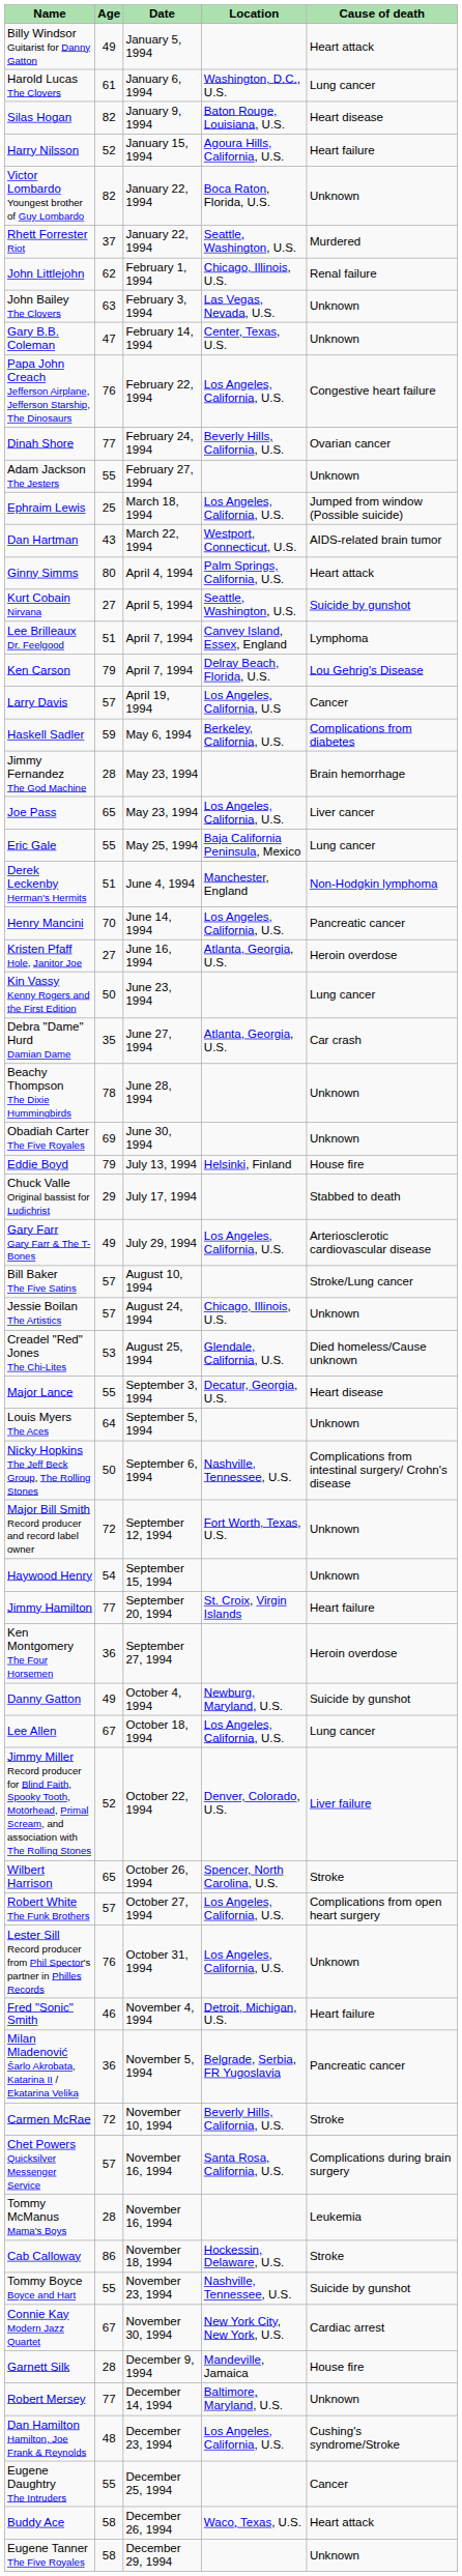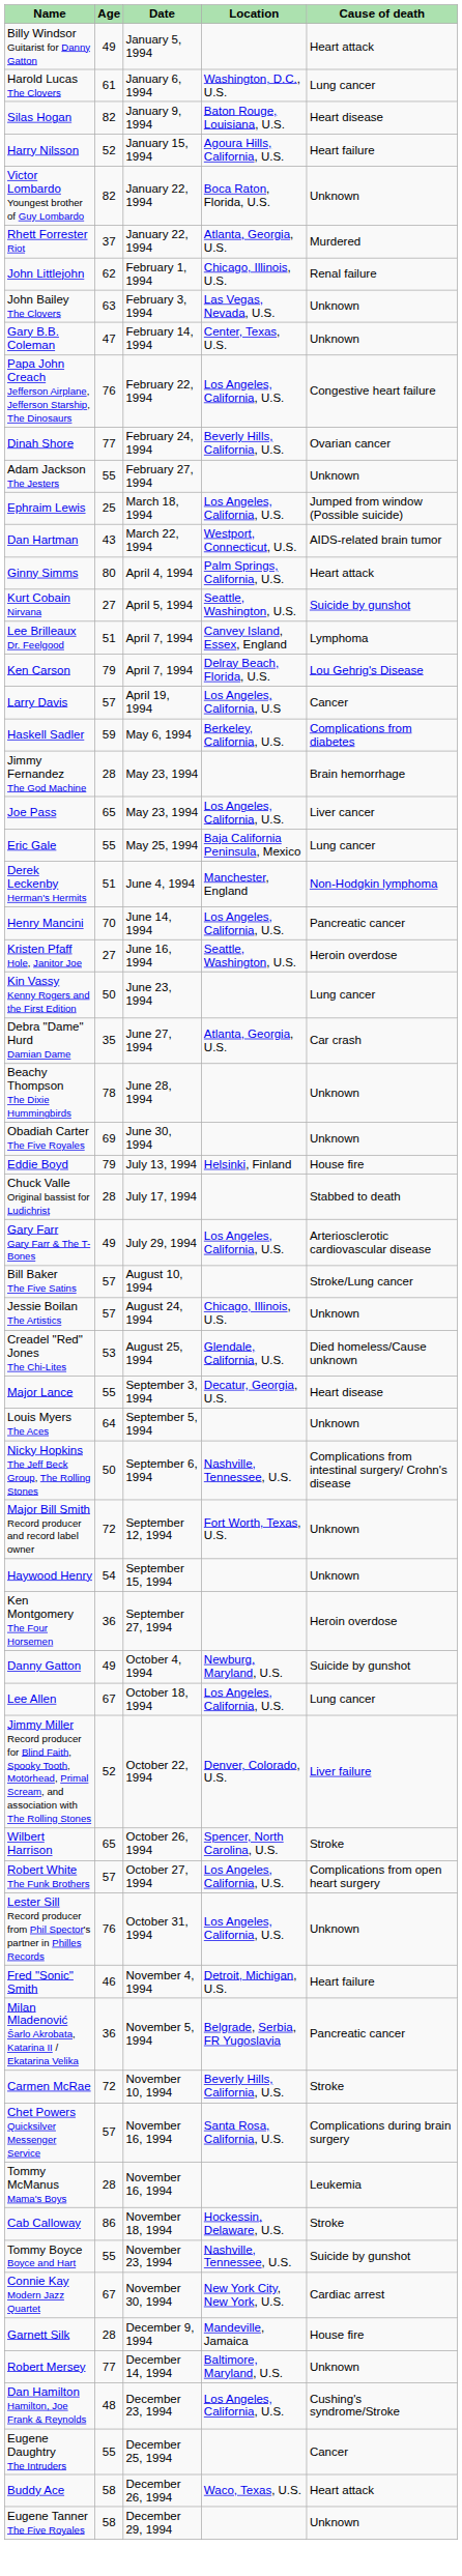 <table class="wikitable sortable">
 <tr>
 <th style="background:#ace1af; color:black; width:150px;">Name</th>
 <th style="background:#ace1af; color:black; width:25px;">Age</th>
 <th style="background:#ace1af; color:black; width:125px;">Date</th>
 <th style="background:#ace1af; color:black; width:200px;">Location</th>
 <th style="background:#ace1af; color:black; width:300px;">Cause of death</th>
 </tr>
 <tr>
 <td>Billy Windsor <br><small>Guitarist for <a href='#'>Danny Gatton</a></small></td>
 <td style="text-align:center;">49</td>
 <td>January 5, 1994</td>
 <td></td>
 <td>Heart attack</td>
 </tr>
 <tr>
 <td>Harold Lucas <br><small><a href='#'>The Clovers</a></small></td>
 <td style="text-align:center;">61</td>
 <td>January 6, 1994</td>
 <td><a href='#'>Washington, D.C.</a>, U.S.</td>
 <td>Lung cancer</td>
 </tr>
 <tr>
 <td><a href='#'>Silas Hogan</a></td>
 <td style="text-align:center;">82</td>
 <td>January 9, 1994</td>
 <td><a href='#'>Baton Rouge, Louisiana</a>, U.S.</td>
 <td>Heart disease</td>
 </tr>
 <tr>
 <td><a href='#'>Harry Nilsson</a></td>
 <td style="text-align:center;">52</td>
 <td>January 15, 1994</td>
 <td><a href='#'>Agoura Hills, California</a>, U.S.</td>
 <td>Heart failure</td>
 </tr>
 <tr>
 <td><a href='#'>Victor Lombardo</a> <br><small>Youngest brother of <a href='#'>Guy Lombardo</a></small></td>
 <td style="text-align:center;">82</td>
 <td>January 22, 1994</td>
 <td><a href='#'>Boca Raton</a>, Florida, U.S.</td>
 <td>Unknown</td>
 </tr>
 <tr>
 <td><a href='#'>Rhett Forrester</a> <br><small><a href='#'>Riot</a></small></td>
 <td style="text-align:center;">37</td>
 <td>January 22, 1994</td>
-<td><a href='#'>Seattle, Washington</a>, U.S.</td>
+<td><a href='#'>Atlanta, Georgia</a>, U.S.</td>
 <td>Murdered</td>
 </tr>
 <tr>
 <td><a href='#'>John Littlejohn</a></td>
 <td style="text-align:center;">62</td>
 <td>February 1, 1994</td>
 <td><a href='#'>Chicago, Illinois</a>, U.S.</td>
 <td>Renal failure</td>
 </tr>
 <tr>
 <td>John Bailey <br><small><a href='#'>The Clovers</a></small></td>
 <td style="text-align:center;">63</td>
 <td>February 3, 1994</td>
 <td><a href='#'>Las Vegas, Nevada</a>, U.S.</td>
 <td>Unknown</td>
 </tr>
 <tr>
 <td><a href='#'>Gary B.B. Coleman</a></td>
 <td style="text-align:center;">47</td>
 <td>February 14, 1994</td>
 <td><a href='#'>Center, Texas</a>, U.S.</td>
 <td>Unknown</td>
 </tr>
 <tr>
 <td><a href='#'>Papa John Creach</a><br><small><a href='#'>Jefferson Airplane</a>, <a href='#'>Jefferson Starship</a>, <a href='#'>The Dinosaurs</a></small></td>
 <td style="text-align:center;">76</td>
 <td>February 22, 1994</td>
 <td><a href='#'>Los Angeles, California</a>, U.S.</td>
 <td>Congestive heart failure</td>
 </tr>
 <tr>
 <td><a href='#'>Dinah Shore</a></td>
 <td style="text-align:center;">77</td>
 <td>February 24, 1994</td>
 <td><a href='#'>Beverly Hills, California</a>, U.S.</td>
 <td>Ovarian cancer</td>
 </tr>
 <tr>
 <td>Adam Jackson <br><small><a href='#'>The Jesters</a></small></td>
 <td style="text-align:center;">55</td>
 <td>February 27, 1994</td>
 <td></td>
 <td>Unknown</td>
 </tr>
 <tr>
 <td><a href='#'>Ephraim Lewis</a></td>
 <td style="text-align:center;">25</td>
 <td>March 18, 1994</td>
 <td><a href='#'>Los Angeles, California</a>, U.S.</td>
 <td>Jumped from window (Possible suicide)</td>
 </tr>
 <tr>
 <td><a href='#'>Dan Hartman</a></td>
 <td style="text-align:center;">43</td>
 <td>March 22, 1994</td>
 <td><a href='#'>Westport, Connecticut</a>, U.S.</td>
 <td>AIDS-related brain tumor</td>
 </tr>
 <tr>
 <td><a href='#'>Ginny Simms</a></td>
 <td style="text-align:center;">80</td>
 <td>April 4, 1994</td>
 <td><a href='#'>Palm Springs, California</a>, U.S.</td>
 <td>Heart attack</td>
 </tr>
 <tr>
 <td><a href='#'>Kurt Cobain</a> <br><small><a href='#'>Nirvana</a></small></td>
 <td style="text-align:center;">27</td>
 <td>April 5, 1994</td>
 <td><a href='#'>Seattle, Washington</a>, U.S.</td>
 <td><a href='#'>Suicide by gunshot</a></td>
 </tr>
 <tr>
 <td><a href='#'>Lee Brilleaux</a> <br><small><a href='#'>Dr. Feelgood</a></small></td>
 <td style="text-align:center;">51</td>
 <td>April 7, 1994</td>
 <td><a href='#'>Canvey Island</a>, <a href='#'>Essex</a>, England</td>
 <td>Lymphoma</td>
 </tr>
 <tr>
 <td><a href='#'>Ken Carson</a></td>
 <td style="text-align:center;">79</td>
 <td>April 7, 1994</td>
 <td><a href='#'>Delray Beach, Florida</a>, U.S.</td>
 <td><a href='#'>Lou Gehrig's Disease</a></td>
 </tr>
 <tr>
 <td><a href='#'>Larry Davis</a></td>
 <td style="text-align:center;">57</td>
 <td>April 19, 1994</td>
 <td><a href='#'>Los Angeles, California</a>, U.S</td>
 <td>Cancer</td>
 </tr>
 <tr>
 <td><a href='#'>Haskell Sadler</a></td>
 <td style="text-align:center;">59</td>
 <td>May 6, 1994</td>
 <td><a href='#'>Berkeley, California</a>, U.S.</td>
 <td><a href='#'>Complications from diabetes</a></td>
 </tr>
 <tr>
 <td>Jimmy Fernandez <br><small><a href='#'>The God Machine</a></small></td>
 <td style="text-align:center;">28</td>
 <td>May 23, 1994</td>
 <td></td>
 <td>Brain hemorrhage</td>
 </tr>
 <tr>
 <td><a href='#'>Joe Pass</a></td>
 <td style="text-align:center;">65</td>
 <td>May 23, 1994</td>
 <td><a href='#'>Los Angeles, California</a>, U.S.</td>
 <td>Liver cancer</td>
 </tr>
 <tr>
 <td><a href='#'>Eric Gale</a></td>
 <td style="text-align:center;">55</td>
 <td>May 25, 1994</td>
 <td><a href='#'>Baja California Peninsula</a>, Mexico</td>
 <td>Lung cancer</td>
 </tr>
 <tr>
 <td><a href='#'>Derek Leckenby</a> <br><small><a href='#'>Herman's Hermits</a></small></td>
 <td style="text-align:center;">51</td>
 <td>June 4, 1994</td>
 <td><a href='#'>Manchester</a>, England</td>
 <td><a href='#'>Non-Hodgkin lymphoma</a></td>
 </tr>
 <tr>
 <td><a href='#'>Henry Mancini</a></td>
 <td style="text-align:center;">70</td>
 <td>June 14, 1994</td>
 <td><a href='#'>Los Angeles, California</a>, U.S.</td>
 <td>Pancreatic cancer</td>
 </tr>
 <tr>
 <td><a href='#'>Kristen Pfaff</a> <br><small><a href='#'>Hole</a>, <a href='#'>Janitor Joe</a></small></td>
 <td style="text-align:center;">27</td>
 <td>June 16, 1994</td>
-<td><a href='#'>Atlanta, Georgia</a>, U.S.</td>
+<td><a href='#'>Seattle, Washington</a>, U.S.</td>
 <td>Heroin overdose</td>
 </tr>
 <tr>
 <td><a href='#'>Kin Vassy</a> <br><small><a href='#'>Kenny Rogers and the First Edition</a></small></td>
 <td style="text-align:center;">50</td>
 <td>June 23, 1994</td>
 <td></td>
 <td>Lung cancer</td>
 </tr>
 <tr>
 <td>Debra "Dame" Hurd <br><small><a href='#'>Damian Dame</a></small></td>
 <td style="text-align:center;">35</td>
 <td>June 27, 1994</td>
 <td><a href='#'>Atlanta, Georgia</a>, U.S.</td>
 <td>Car crash</td>
 </tr>
 <tr>
 <td>Beachy Thompson <br><small><a href='#'>The Dixie Hummingbirds</a></small></td>
 <td style="text-align:center;">78</td>
 <td>June 28, 1994</td>
 <td></td>
 <td>Unknown</td>
 </tr>
 <tr>
 <td>Obadiah Carter <br><small><a href='#'>The Five Royales</a></small></td>
 <td style="text-align:center;">69</td>
 <td>June 30, 1994</td>
 <td></td>
 <td>Unknown</td>
 </tr>
 <tr>
 <td><a href='#'>Eddie Boyd</a></td>
 <td style="text-align:center;">79</td>
 <td>July 13, 1994</td>
 <td><a href='#'>Helsinki</a>, Finland</td>
 <td>House fire</td>
 </tr>
 <tr>
 <td>Chuck Valle <br><small>Original bassist for <a href='#'>Ludichrist</a></small></td>
-<td style="text-align:center;">29</td>
+<td style="text-align:center;">28</td>
 <td>July 17, 1994</td>
 <td></td>
 <td>Stabbed to death</td>
 </tr>
 <tr>
 <td><a href='#'>Gary Farr</a> <br><small><a href='#'>Gary Farr & The T-Bones</a></small></td>
 <td style="text-align:center;">49</td>
 <td>July 29, 1994</td>
 <td><a href='#'>Los Angeles, California</a>, U.S.</td>
 <td>Arteriosclerotic cardiovascular disease</td>
 </tr>
 <tr>
 <td>Bill Baker <br><small><a href='#'>The Five Satins</a></small></td>
 <td style="text-align:center;">57</td>
 <td>August 10, 1994</td>
 <td></td>
 <td>Stroke/Lung cancer</td>
 </tr>
 <tr>
 <td>Jessie Boilan <br><small><a href='#'>The Artistics</a></small></td>
 <td style="text-align:center;">57</td>
 <td>August 24, 1994</td>
 <td><a href='#'>Chicago, Illinois</a>, U.S.</td>
 <td>Unknown</td>
 </tr>
 <tr>
 <td>Creadel "Red" Jones <br><small><a href='#'>The Chi-Lites</a></small></td>
 <td style="text-align:center;">53</td>
 <td>August 25, 1994</td>
 <td><a href='#'>Glendale, California</a>, U.S.</td>
 <td>Died homeless/Cause unknown</td>
 </tr>
 <tr>
 <td><a href='#'>Major Lance</a></td>
 <td style="text-align:center;">55</td>
 <td>September 3, 1994</td>
 <td><a href='#'>Decatur, Georgia</a>, U.S.</td>
 <td>Heart disease</td>
 </tr>
 <tr>
 <td>Louis Myers <br><small><a href='#'>The Aces</a></small></td>
 <td style="text-align:center;">64</td>
 <td>September 5, 1994</td>
 <td></td>
 <td>Unknown</td>
 </tr>
 <tr>
 <td><a href='#'>Nicky Hopkins</a> <br><small><a href='#'>The Jeff Beck Group</a>, <a href='#'>The Rolling Stones</a></small></td>
 <td style="text-align:center;">50</td>
 <td>September 6, 1994</td>
 <td><a href='#'>Nashville, Tennessee</a>, U.S.</td>
 <td>Complications from intestinal surgery/ Crohn's disease</td>
 </tr>
 <tr>
 <td><a href='#'>Major Bill Smith</a> <br><small>Record producer and record label owner</small></td>
 <td style="text-align:center;">72</td>
 <td>September 12, 1994</td>
 <td><a href='#'>Fort Worth, Texas</a>, U.S.</td>
 <td>Unknown</td>
 </tr>
 <tr>
 <td><a href='#'>Haywood Henry</a></td>
 <td style="text-align:center;">54</td>
 <td>September 15, 1994</td>
 <td></td>
 <td>Unknown</td>
-</tr>
-<tr>
-<td><a href='#'>Jimmy Hamilton</a></td>
-<td style="text-align:center;">77</td>
-<td>September 20, 1994</td>
-<td><a href='#'>St. Croix</a>, <a href='#'>Virgin Islands</a></td>
-<td>Heart failure</td>
 </tr>
 <tr>
 <td>Ken Montgomery <br><small><a href='#'>The Four Horsemen</a></small></td>
 <td style="text-align:center;">36</td>
 <td>September 27, 1994</td>
 <td></td>
 <td>Heroin overdose</td>
 </tr>
 <tr>
 <td><a href='#'>Danny Gatton</a></td>
 <td style="text-align:center;">49</td>
 <td>October 4, 1994</td>
 <td><a href='#'>Newburg, Maryland</a>, U.S.</td>
 <td>Suicide by gunshot</td>
 </tr>
 <tr>
 <td><a href='#'>Lee Allen</a></td>
 <td style="text-align:center;">67</td>
 <td>October 18, 1994</td>
 <td><a href='#'>Los Angeles, California</a>, U.S.</td>
 <td>Lung cancer</td>
 </tr>
 <tr>
 <td><a href='#'>Jimmy Miller</a> <br><small>Record producer for <a href='#'>Blind Faith</a>, <a href='#'>Spooky Tooth</a>, <a href='#'>Motörhead</a>, <a href='#'>Primal Scream</a>, and association with <a href='#'>The Rolling Stones</a></small></td>
 <td style="text-align:center;">52</td>
 <td>October 22, 1994</td>
 <td><a href='#'>Denver, Colorado</a>, U.S.</td>
 <td><a href='#'>Liver failure</a></td>
 </tr>
 <tr>
 <td><a href='#'>Wilbert Harrison</a></td>
 <td style="text-align:center;">65</td>
 <td>October 26, 1994</td>
 <td><a href='#'>Spencer, North Carolina</a>, U.S.</td>
 <td>Stroke</td>
 </tr>
 <tr>
 <td><a href='#'>Robert White</a> <br><small><a href='#'>The Funk Brothers</a></small></td>
 <td style="text-align:center;">57</td>
 <td>October 27, 1994</td>
 <td><a href='#'>Los Angeles, California</a>, U.S.</td>
 <td>Complications from open heart surgery</td>
 </tr>
 <tr>
 <td><a href='#'>Lester Sill</a><br><small>Record producer from <a href='#'>Phil Spector</a>'s partner in <a href='#'>Philles Records</a></small></td>
 <td style="text-align:center;">76</td>
 <td>October 31, 1994</td>
 <td><a href='#'>Los Angeles, California</a>, U.S.</td>
 <td>Unknown</td>
 </tr>
 <tr>
 <td><a href='#'>Fred "Sonic" Smith</a> <br></td>
 <td style="text-align:center;">46</td>
 <td>November 4, 1994</td>
 <td><a href='#'>Detroit, Michigan</a>, U.S.</td>
 <td>Heart failure</td>
 </tr>
 <tr>
 <td><a href='#'>Milan Mladenović</a> <br><small><a href='#'>Šarlo Akrobata</a>, <a href='#'>Katarina II</a> / <a href='#'>Ekatarina Velika</a></small></td>
 <td style="text-align:center;">36</td>
 <td>November 5, 1994</td>
 <td><a href='#'>Belgrade</a>, <a href='#'>Serbia</a>, <a href='#'>FR Yugoslavia</a></td>
 <td>Pancreatic cancer</td>
 </tr>
 <tr>
 <td><a href='#'>Carmen McRae</a></td>
 <td style="text-align:center;">72</td>
 <td>November 10, 1994</td>
 <td><a href='#'>Beverly Hills, California</a>, U.S.</td>
 <td>Stroke</td>
 </tr>
 <tr>
 <td><a href='#'>Chet Powers</a> <br><small><a href='#'>Quicksilver Messenger Service</a></small></td>
 <td style="text-align:center;">57</td>
 <td>November 16, 1994</td>
 <td><a href='#'>Santa Rosa, California</a>, U.S.</td>
 <td>Complications during brain surgery</td>
 </tr>
 <tr>
 <td>Tommy McManus <br><small><a href='#'>Mama's Boys</a></small></td>
 <td style="text-align:center;">28</td>
 <td>November 16, 1994</td>
 <td></td>
 <td>Leukemia</td>
 </tr>
 <tr>
 <td><a href='#'>Cab Calloway</a></td>
 <td style="text-align:center;">86</td>
 <td>November 18, 1994</td>
 <td><a href='#'>Hockessin, Delaware</a>, U.S.</td>
 <td>Stroke</td>
 </tr>
 <tr>
 <td>Tommy Boyce <br><small><a href='#'>Boyce and Hart</a></small></td>
 <td style="text-align:center;">55</td>
 <td>November 23, 1994</td>
 <td><a href='#'>Nashville, Tennessee</a>, U.S.</td>
 <td>Suicide by gunshot</td>
 </tr>
 <tr>
 <td><a href='#'>Connie Kay</a> <br><small><a href='#'>Modern Jazz Quartet</a></small></td>
 <td style="text-align:center;">67</td>
 <td>November 30, 1994</td>
 <td><a href='#'>New York City</a>, <a href='#'>New York</a>, U.S.</td>
 <td>Cardiac arrest</td>
 </tr>
 <tr>
 <td><a href='#'>Garnett Silk</a></td>
 <td style="text-align:center;">28</td>
 <td>December 9, 1994</td>
 <td><a href='#'>Mandeville</a>, Jamaica</td>
 <td>House fire</td>
 </tr>
 <tr>
 <td><a href='#'>Robert Mersey</a></td>
 <td style="text-align:center;">77</td>
 <td>December 14, 1994</td>
 <td><a href='#'>Baltimore, Maryland</a>, U.S.</td>
 <td>Unknown</td>
 </tr>
 <tr>
 <td><a href='#'>Dan Hamilton</a> <br><small><a href='#'>Hamilton, Joe Frank & Reynolds</a></small></td>
 <td style="text-align:center;">48</td>
 <td>December 23, 1994</td>
 <td><a href='#'>Los Angeles, California</a>, U.S.</td>
 <td>Cushing's syndrome/Stroke</td>
 </tr>
 <tr>
 <td>Eugene Daughtry <br><small><a href='#'>The Intruders</a></small></td>
 <td style="text-align:center;">55</td>
 <td>December 25, 1994</td>
 <td></td>
 <td>Cancer</td>
 </tr>
 <tr>
 <td><a href='#'>Buddy Ace</a></td>
 <td style="text-align:center;">58</td>
 <td>December 26, 1994</td>
 <td><a href='#'>Waco, Texas</a>, U.S.</td>
 <td>Heart attack</td>
 </tr>
 <tr>
 <td>Eugene Tanner <br><small><a href='#'>The Five Royales</a></small></td>
 <td style="text-align:center;">58</td>
 <td>December 29, 1994</td>
 <td></td>
 <td>Unknown</td>
 </tr>
 </table>
